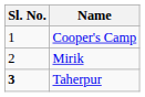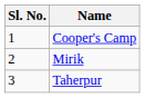 <table class="wikitable">
 <tr>
 <th>Sl. No.</th>
 <th>Name</th>
 </tr>
 <tr>
 <td>1</td>
 <td><a href='#'>Cooper's Camp</a></td>
 </tr>
 <tr>
 <td>2</td>
 <td><a href='#'>Mirik</a></td>
 </tr>
 <tr>
-<td><strong>3</strong></td>
+<td>3</td>
 <td><a href='#'>Taherpur</a></td>
 </tr>
 </table>
